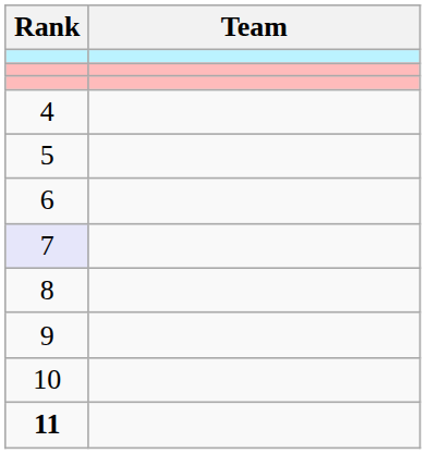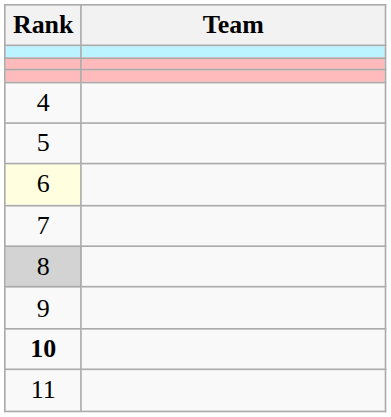 <table class="wikitable">
 <tr>
 <th width=40>Rank</th>
 <th width=180>Team</th>
 </tr>
 <tr bgcolor=#BBF3FF>
 <td align=center></td>
 <td></td>
 </tr>
 <tr bgcolor=#FFBBBB>
 <td align=center></td>
 <td></td>
 </tr>
 <tr bgcolor=#FFBBBB>
 <td align=center></td>
 <td></td>
 </tr>
 <tr>
 <td align=center>4</td>
 <td></td>
 </tr>
 <tr>
 <td align=center>5</td>
 <td></td>
 </tr>
 <tr>
-<td align=center>6</td>
+<td align=center style="background: lightyellow;">6</td>
 <td></td>
 </tr>
 <tr>
-<td align=center style="background: lavender;">7</td>
+<td align=center>7</td>
 <td></td>
 </tr>
 <tr>
-<td align=center>8</td>
+<td align=center style="background: lightgrey;">8</td>
 <td></td>
 </tr>
 <tr>
 <td align=center>9</td>
 <td></td>
 </tr>
 <tr>
-<td align=center>10</td>
+<td align=center><strong>10</strong></td>
 <td></td>
 </tr>
 <tr>
-<td align=center><strong>11</strong></td>
+<td align=center>11</td>
 <td></td>
 </tr>
 </table>
